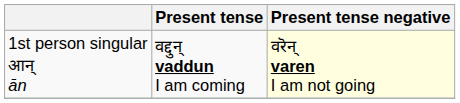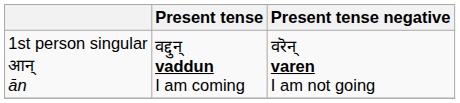 <table class="wikitable">
 <tr>
 <th></th>
 <th>Present tense</th>
 <th>Present tense negative</th>
 </tr>
 <tr>
 <td>1st person singular<br>आन्<br><em>ān</em></td>
 <td>वद्दुन्<br><strong><u>vaddun</u></strong><br>I am coming</td>
-<td style="background: lightyellow;">वरॆन्<br><strong><u>varen</u></strong><br>I am not going</td>
+<td>वरॆन्<br><strong><u>varen</u></strong><br>I am not going</td>
 </tr>
 <tr>
 </tr>
 </table>
